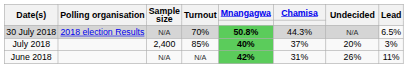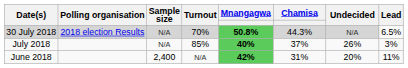 <table class="wikitable sortable" style="text-align:center;font-size:90%;line-height:14px;">
 <tr>
 <th rowspan=2>Date(s)</th>
 <th rowspan="2">Polling organisation</th>
 <th rowspan="2">Sample<br>size</th>
 <th rowspan="2">Turnout</th>
 <th width="80px"><a href='#'>Mnangagwa</a></th>
 <th width="80px"><a href='#'>Chamisa</a></th>
 <th rowspan="2" width="80px" class="unsortable">Undecided</th>
 <th rowspan="2" width="20px">Lead</th>
 </tr>
 <tr>
 <th style="background:"></th>
 <th style="background:"></th>
 </tr>
 <tr>
 <td style="background:#D5D5D5">30 July 2018</td>
 <td style="background:#D5D5D5"><a href='#'>2018 election Results</a></td>
 <td style="background:#D5D5D5; color:#2C2C2C; vertical-align:middle; font-size:smaller; text-align:center; " class="table-na">N/A</td>
 <td style="background:#D5D5D5">70%</td>
 <td style="background:#5BCC5B"><strong>50.8%</strong></td>
 <td style="background:#D5D5D5">44.3%</td>
 <td style="background:#D5D5D5; color:#2C2C2C; vertical-align:middle; font-size:smaller; text-align:center; " class="table-na">N/A</td>
 <td style="background:">6.5%</td>
 </tr>
 <tr>
 <td>July 2018</td>
 <td></td>
-<td>2,400</td>
+<td style="color:#2C2C2C; vertical-align:middle; font-size:smaller; text-align:center; " class="table-na">N/A</td>
 <td>85%</td>
 <td style="background:#5BCC5B"><strong>40%</strong></td>
 <td>37%</td>
-<td>20%</td>
+<td>26%</td>
 <td style="background:">3%</td>
 </tr>
 <tr>
 <td>June 2018</td>
 <td></td>
-<td style="color:#2C2C2C; vertical-align:middle; font-size:smaller; text-align:center; " class="table-na">N/A</td>
+<td>2,400</td>
 <td style="color:#2C2C2C; vertical-align:middle; font-size:smaller; text-align:center; " class="table-na">N/A</td>
 <td style="background:#5BCC5B"><strong>42%</strong></td>
 <td>31%</td>
-<td>26%</td>
+<td>20%</td>
 <td style="background:">11%</td>
 </tr>
 </table>
